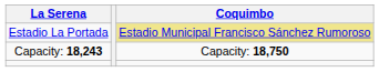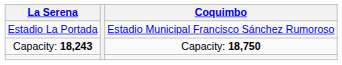 <table class="wikitable" style="text-align:center;margin:1em auto;">
 <tr>
 <th><a href='#'>La Serena</a></th>
 <th rowspan=4 text-align="center"></th>
 <th><a href='#'>Coquimbo</a></th>
 </tr>
 <tr>
 <td><a href='#'>Estadio La Portada</a></td>
-<td style="background: khaki;"><a href='#'>Estadio Municipal Francisco Sánchez Rumoroso</a></td>
+<td><a href='#'>Estadio Municipal Francisco Sánchez Rumoroso</a></td>
 </tr>
 <tr>
 <td>Capacity: <strong>18,243</strong></td>
 <td>Capacity: <strong>18,750</strong></td>
 </tr>
 <tr>
 <td></td>
 <td></td>
 </tr>
 </table>
